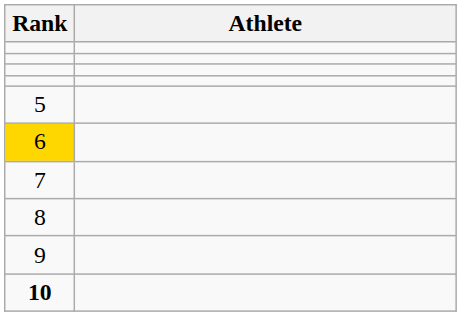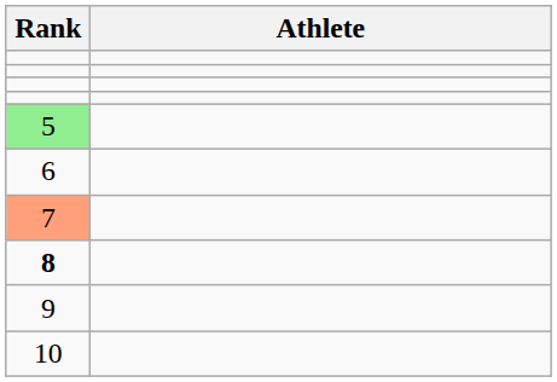 <table class="wikitable" style="text-align:center;">
 <tr>
 <th width=40>Rank</th>
 <th width=250>Athlete</th>
 </tr>
 <tr>
 <td></td>
 <td align=left></td>
 </tr>
 <tr>
 <td></td>
 <td align=left></td>
 </tr>
 <tr>
 <td></td>
 <td align=left></td>
 </tr>
 <tr>
 <td></td>
 <td align=left></td>
 </tr>
 <tr>
-<td>5</td>
+<td style="background: lightgreen;">5</td>
 <td align=left></td>
 </tr>
 <tr>
-<td style="background: gold;">6</td>
+<td>6</td>
 <td align=left></td>
 </tr>
 <tr>
-<td>7</td>
+<td style="background: lightsalmon;">7</td>
 <td align=left></td>
 </tr>
 <tr>
-<td>8</td>
+<td><strong>8</strong></td>
 <td align=left></td>
 </tr>
 <tr>
 <td>9</td>
 <td align=left></td>
 </tr>
 <tr>
-<td><strong>10</strong></td>
+<td>10</td>
 <td align=left></td>
 </tr>
 </table>
